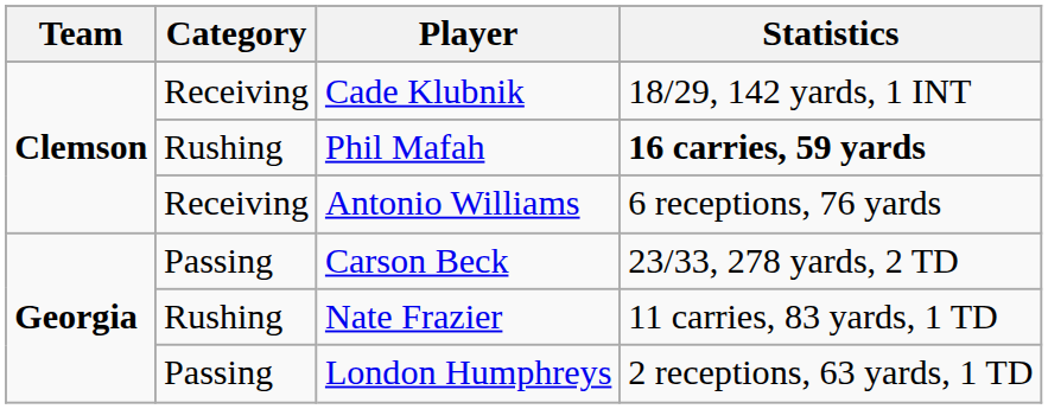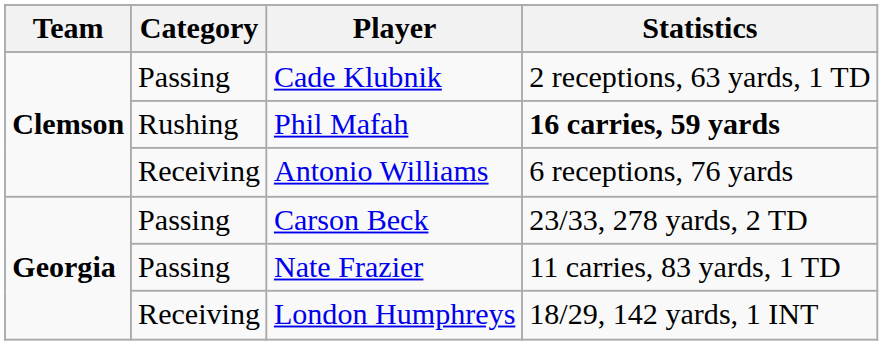 <table class="wikitable" style="float: right;">
 <tr>
 <th>Team</th>
 <th>Category</th>
 <th>Player</th>
 <th>Statistics</th>
 </tr>
 <tr>
 <td rowspan=3><strong>Clemson</strong></td>
-<td>Receiving</td>
+<td>Passing</td>
 <td><a href='#'>Cade Klubnik</a></td>
-<td>18/29, 142 yards, 1 INT</td>
+<td>2 receptions, 63 yards, 1 TD</td>
 </tr>
 <tr>
 <td>Rushing</td>
 <td><a href='#'>Phil Mafah</a></td>
 <td><strong>16 carries, 59 yards</strong></td>
 </tr>
 <tr>
 <td>Receiving</td>
 <td><a href='#'>Antonio Williams</a></td>
 <td>6 receptions, 76 yards</td>
 </tr>
 <tr>
 <td rowspan=3><strong>Georgia</strong></td>
 <td>Passing</td>
 <td><a href='#'>Carson Beck</a></td>
 <td>23/33, 278 yards, 2 TD</td>
 </tr>
 <tr>
-<td>Rushing</td>
+<td>Passing</td>
 <td><a href='#'>Nate Frazier</a></td>
 <td>11 carries, 83 yards, 1 TD</td>
 </tr>
 <tr>
-<td>Passing</td>
+<td>Receiving</td>
 <td><a href='#'>London Humphreys</a></td>
-<td>2 receptions, 63 yards, 1 TD</td>
+<td>18/29, 142 yards, 1 INT</td>
 </tr>
 </table>
